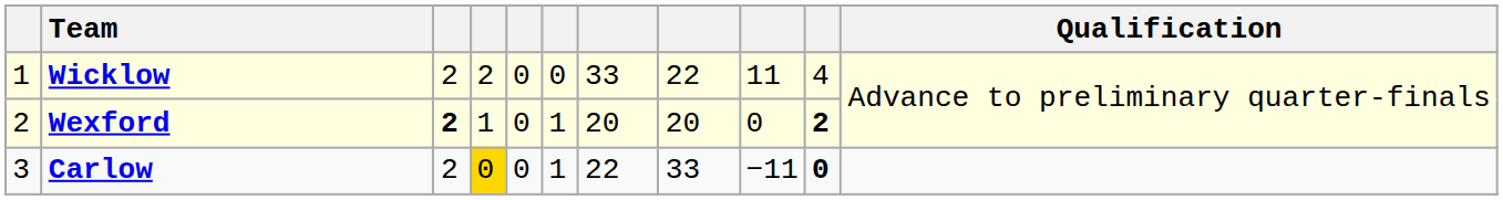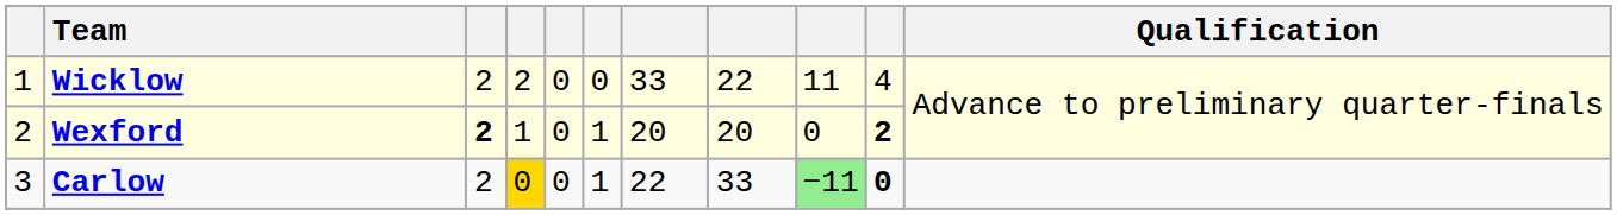 <table class="wikitable">
 <tr>
 <th width=10></th>
 <th width=170 style="text-align:left;">Team</th>
 <th width=10></th>
 <th width=10></th>
 <th width=10></th>
 <th width=10></th>
 <th width=30></th>
 <th width=30></th>
 <th width=10></th>
 <th width=10></th>
 <th>Qualification</th>
 </tr>
 <tr style="background:#FFFFE0;">
 <td>1</td>
 <td align="left"><strong> <a href='#'>Wicklow</a></strong></td>
 <td>2</td>
 <td>2</td>
 <td>0</td>
 <td>0</td>
 <td>33</td>
 <td>22</td>
 <td>11</td>
 <td>4</td>
 <td rowspan="2">Advance to preliminary quarter-finals</td>
 </tr>
 <tr style="background:#FFFFE0;">
 <td>2</td>
 <td align="left"><strong> <a href='#'>Wexford</a></strong></td>
 <td><strong>2</strong></td>
 <td>1</td>
 <td>0</td>
 <td>1</td>
 <td>20</td>
 <td>20</td>
 <td>0</td>
 <td><strong>2</strong></td>
 </tr>
 <tr>
 <td>3</td>
 <td align=left><strong> <a href='#'>Carlow</a></strong></td>
 <td>2</td>
 <td style="background: gold;">0</td>
 <td>0</td>
 <td>1</td>
 <td>22</td>
 <td>33</td>
-<td>−11</td>
+<td style="background: lightgreen;">−11</td>
 <td><strong>0</strong></td>
 <td></td>
 </tr>
 </table>
